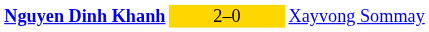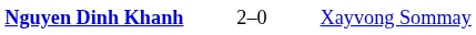 <table>
 <tr>
 <th width=400></th>
 <th width=100></th>
 <th width=400></th>
 </tr>
 <tr>
 <td align=right><strong><a href='#'>Nguyen Dinh Khanh</a> </strong></td>
-<td align=center style="background: gold;">2–0</td>
+<td align=center>2–0</td>
 <td> <a href='#'>Xayvong Sommay</a></td>
 </tr>
 </table>
